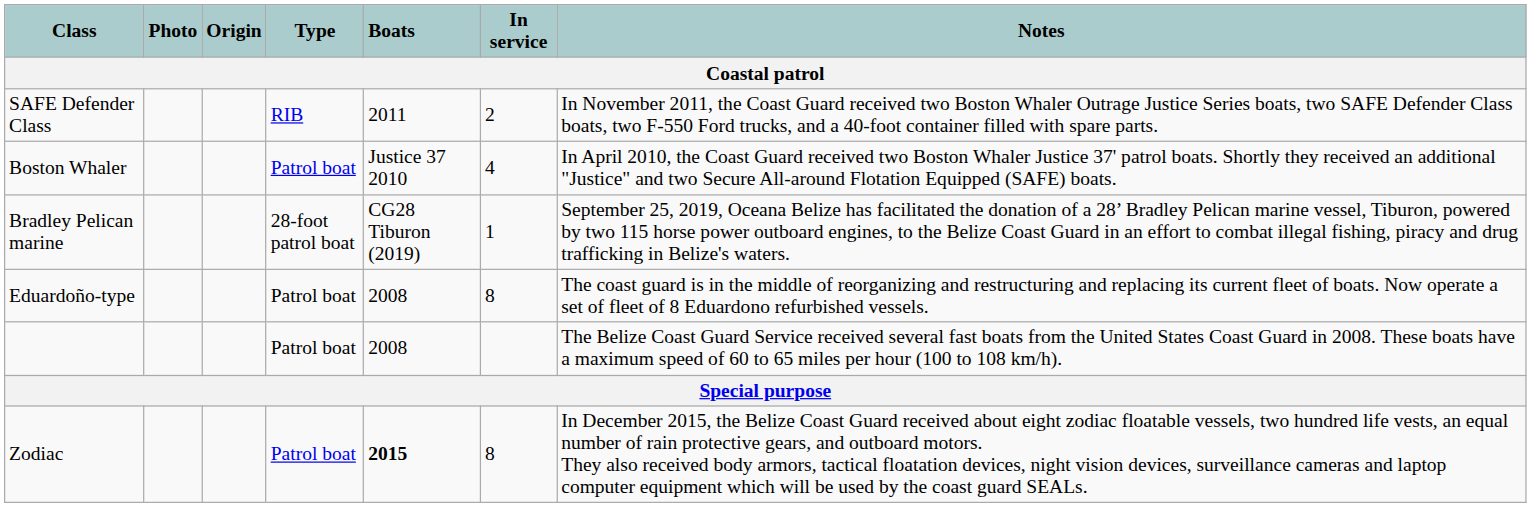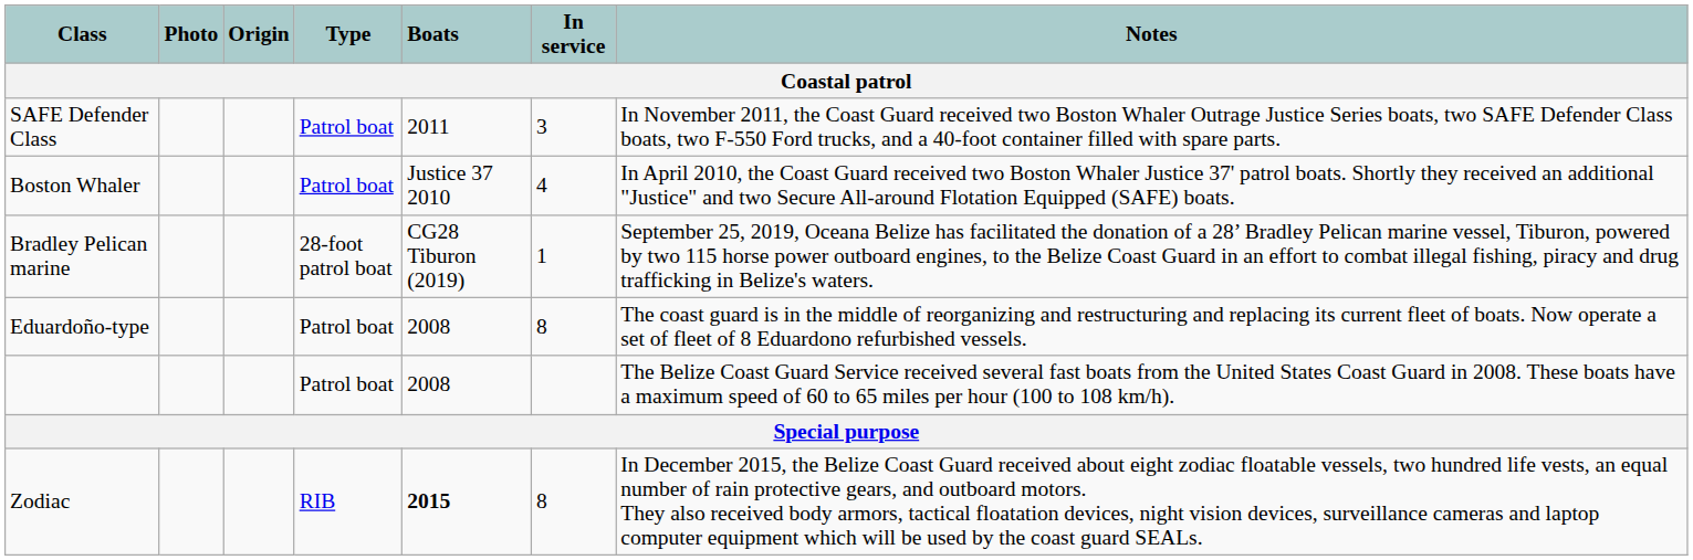 <table class="wikitable">
 <tr>
 <th style="text-align:center; background:#acc;">Class</th>
 <th style="text-align:center; background:#acc;">Photo</th>
 <th style="text-align: center; background:#acc;">Origin</th>
 <th style="text-align:l center; background:#acc;">Type</th>
 <th style="text-align:left; background:#acc;">Boats</th>
 <th style="text-align:center; background:#acc;">In service</th>
 <th style="text-align: center; background:#acc;">Notes</th>
 </tr>
 <tr>
 <th style="align: center; background: levander;" colspan="7">Coastal patrol</th>
 </tr>
 <tr>
 <td>SAFE Defender Class</td>
 <td></td>
 <td></td>
-<td><a href='#'>RIB</a></td>
+<td><a href='#'>Patrol boat</a></td>
 <td>2011</td>
-<td>2</td>
+<td>3</td>
 <td>In November 2011, the Coast Guard received two Boston Whaler Outrage Justice Series boats, two SAFE Defender Class boats, two F-550 Ford trucks, and a 40-foot container filled with spare parts. </td>
 </tr>
 <tr>
 <td>Boston Whaler</td>
 <td></td>
 <td></td>
 <td><a href='#'>Patrol boat</a></td>
 <td>Justice 37 2010</td>
 <td>4</td>
 <td>In April 2010, the Coast Guard received two Boston Whaler Justice 37' patrol boats. Shortly they received an additional "Justice" and two Secure All-around Flotation Equipped (SAFE) boats.</td>
 </tr>
 <tr>
 <td>Bradley Pelican marine</td>
 <td></td>
 <td></td>
 <td>28-foot patrol boat</td>
 <td>CG28 Tiburon (2019)</td>
 <td>1</td>
 <td>September 25, 2019, Oceana Belize has facilitated the donation of a 28’ Bradley Pelican marine vessel, Tiburon, powered by two 115 horse power outboard engines, to the Belize Coast Guard in an effort to combat illegal fishing, piracy and drug trafficking in Belize's waters.</td>
 </tr>
 <tr>
 <td>Eduardoño-type</td>
 <td></td>
 <td></td>
 <td>Patrol boat</td>
 <td>2008</td>
 <td>8</td>
 <td>The coast guard is in the middle of reorganizing and restructuring and replacing its current fleet of boats. Now operate a set of  fleet of 8 Eduardono refurbished vessels.</td>
 </tr>
 <tr>
 <td></td>
 <td></td>
 <td></td>
 <td>Patrol boat</td>
 <td>2008</td>
 <td></td>
 <td>The Belize Coast Guard Service received several fast boats from the United States Coast Guard in 2008. These boats have a maximum speed of 60 to 65 miles per hour (100 to 108 km/h).</td>
 </tr>
 <tr>
 <th style="align: center; background: levander;" colspan="7"><a href='#'>Special purpose</a></th>
 </tr>
 <tr>
 <td>Zodiac</td>
 <td></td>
 <td></td>
-<td><a href='#'>Patrol boat</a></td>
+<td><a href='#'>RIB</a></td>
 <td><strong>2015</strong></td>
 <td>8</td>
 <td>In December 2015, the Belize Coast Guard received about eight zodiac floatable vessels, two hundred life vests, an equal number of rain protective gears, and outboard motors.<br>They also received body armors, tactical floatation devices, night vision devices, surveillance cameras and laptop computer equipment which will be used by the coast guard SEALs.</td>
 </tr>
 </table>
